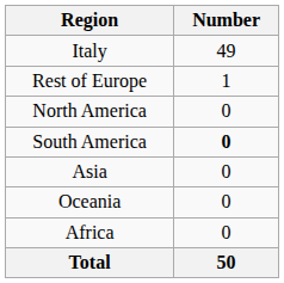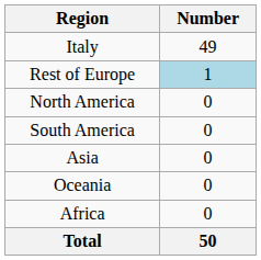 <table class="wikitable sortable" style="width:230px; float:right; margin:0 1em;">
 <tr>
 <th scope="col">Region</th>
 <th scope="col">Number</th>
 </tr>
 <tr>
 <td style="text-align:center" scope="row">Italy</td>
 <td style="text-align:center">49</td>
 </tr>
 <tr>
 <td style="text-align:center" scope="row" data-sort-value="Europe, Rest of">Rest of Europe</td>
-<td style="text-align:center">1</td>
+<td style="background: lightblue; text-align:center">1</td>
 </tr>
 <tr>
 <td style="text-align:center" scope="row" data-sort-value="America, North">North America</td>
 <td style="text-align:center">0</td>
 </tr>
 <tr>
 <td style="text-align:center" scope="row" data-sort-value="America, South">South America</td>
-<td style="text-align:center"><strong>0</strong></td>
+<td style="text-align:center">0</td>
 </tr>
 <tr>
 <td style="text-align:center" scope="row">Asia</td>
 <td style="text-align:center">0</td>
 </tr>
 <tr>
 <td style="text-align:center" scope="row">Oceania</td>
 <td style="text-align:center">0</td>
 </tr>
 <tr>
 <td style="text-align:center" scope="row">Africa</td>
 <td style="text-align:center">0</td>
 </tr>
 <tr>
 <th scope="row">Total</th>
 <th>50</th>
 </tr>
 </table>
